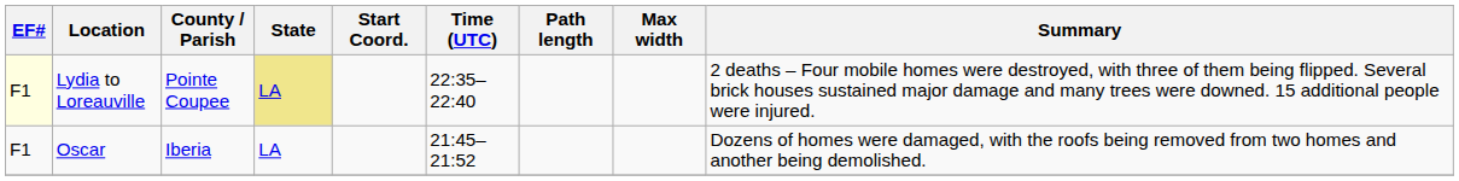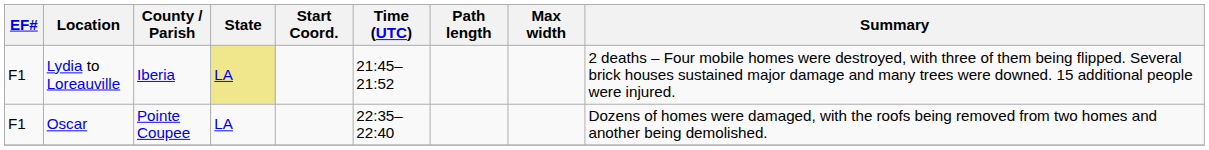 <table class="wikitable sortable" style="width:100%;">
 <tr>
 <th scope="col"  style="width:3%; text-align:center;"><a href='#'>EF#</a></th>
 <th scope="col"  style="width:7%; text-align:center;" class="unsortable">Location</th>
 <th scope="col"  style="width:6%; text-align:center;" class="unsortable">County / Parish</th>
 <th scope="col"  style="width:5%; text-align:center;">State</th>
 <th scope="col"  style="width:6%; text-align:center;">Start Coord.</th>
 <th scope="col"  style="width:6%; text-align:center;">Time (<a href='#'>UTC</a>)</th>
 <th scope="col"  style="width:6%; text-align:center;">Path length</th>
 <th scope="col"  style="width:6%; text-align:center;">Max width</th>
 <th scope="col" class="unsortable" style="width:48%; text-align:center;">Summary</th>
 </tr>
 <tr>
-<td style="background: lightyellow;">F1</td>
+<td>F1</td>
 <td><a href='#'>Lydia</a> to <a href='#'>Loreauville</a></td>
-<td><a href='#'>Pointe Coupee</a></td>
+<td><a href='#'>Iberia</a></td>
 <td style="background: khaki;"><a href='#'>LA</a></td>
 <td></td>
-<td>22:35–22:40</td>
+<td>21:45–21:52</td>
 <td></td>
 <td></td>
 <td>2 deaths – Four mobile homes were destroyed, with three of them being flipped. Several brick houses sustained major damage and many trees were downed. 15 additional people were injured.</td>
 </tr>
 <tr>
 <td>F1</td>
 <td><a href='#'>Oscar</a></td>
-<td><a href='#'>Iberia</a></td>
+<td><a href='#'>Pointe Coupee</a></td>
 <td><a href='#'>LA</a></td>
 <td></td>
-<td>21:45–21:52</td>
+<td>22:35–22:40</td>
 <td></td>
 <td></td>
 <td>Dozens of homes were damaged, with the roofs being removed from two homes and another being demolished.</td>
 </tr>
 <tr>
 </tr>
 </table>
